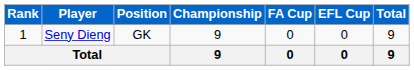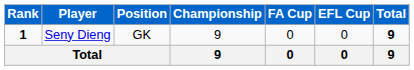 <table class="wikitable">
 <tr>
 <th style=background-color:#0066CC;color:#FFFFFF>Rank</th>
 <th style=background-color:#0066CC;color:#FFFFFF>Player</th>
 <th style=background-color:#0066CC;color:#FFFFFF>Position</th>
 <th style=background-color:#0066CC;color:#FFFFFF>Championship</th>
 <th style=background-color:#0066CC;color:#FFFFFF>FA Cup</th>
 <th style=background-color:#0066CC;color:#FFFFFF>EFL Cup</th>
 <th style=background-color:#0066CC;color:#FFFFFF>Total</th>
 </tr>
 <tr>
-<td align=center valign=top rowspan=1>1</td>
+<td align=center valign=top rowspan=1><strong>1</strong></td>
 <td> <a href='#'>Seny Dieng</a></td>
 <td align=center>GK</td>
 <td align=center>9</td>
 <td align=center>0</td>
 <td align=center>0</td>
-<td align=center>9</td>
+<td align=center><strong>9</strong></td>
 </tr>
 <tr>
 <th colspan=3>Total</th>
 <th>9</th>
 <th>0</th>
 <th>0</th>
 <th>9</th>
 </tr>
 </table>
